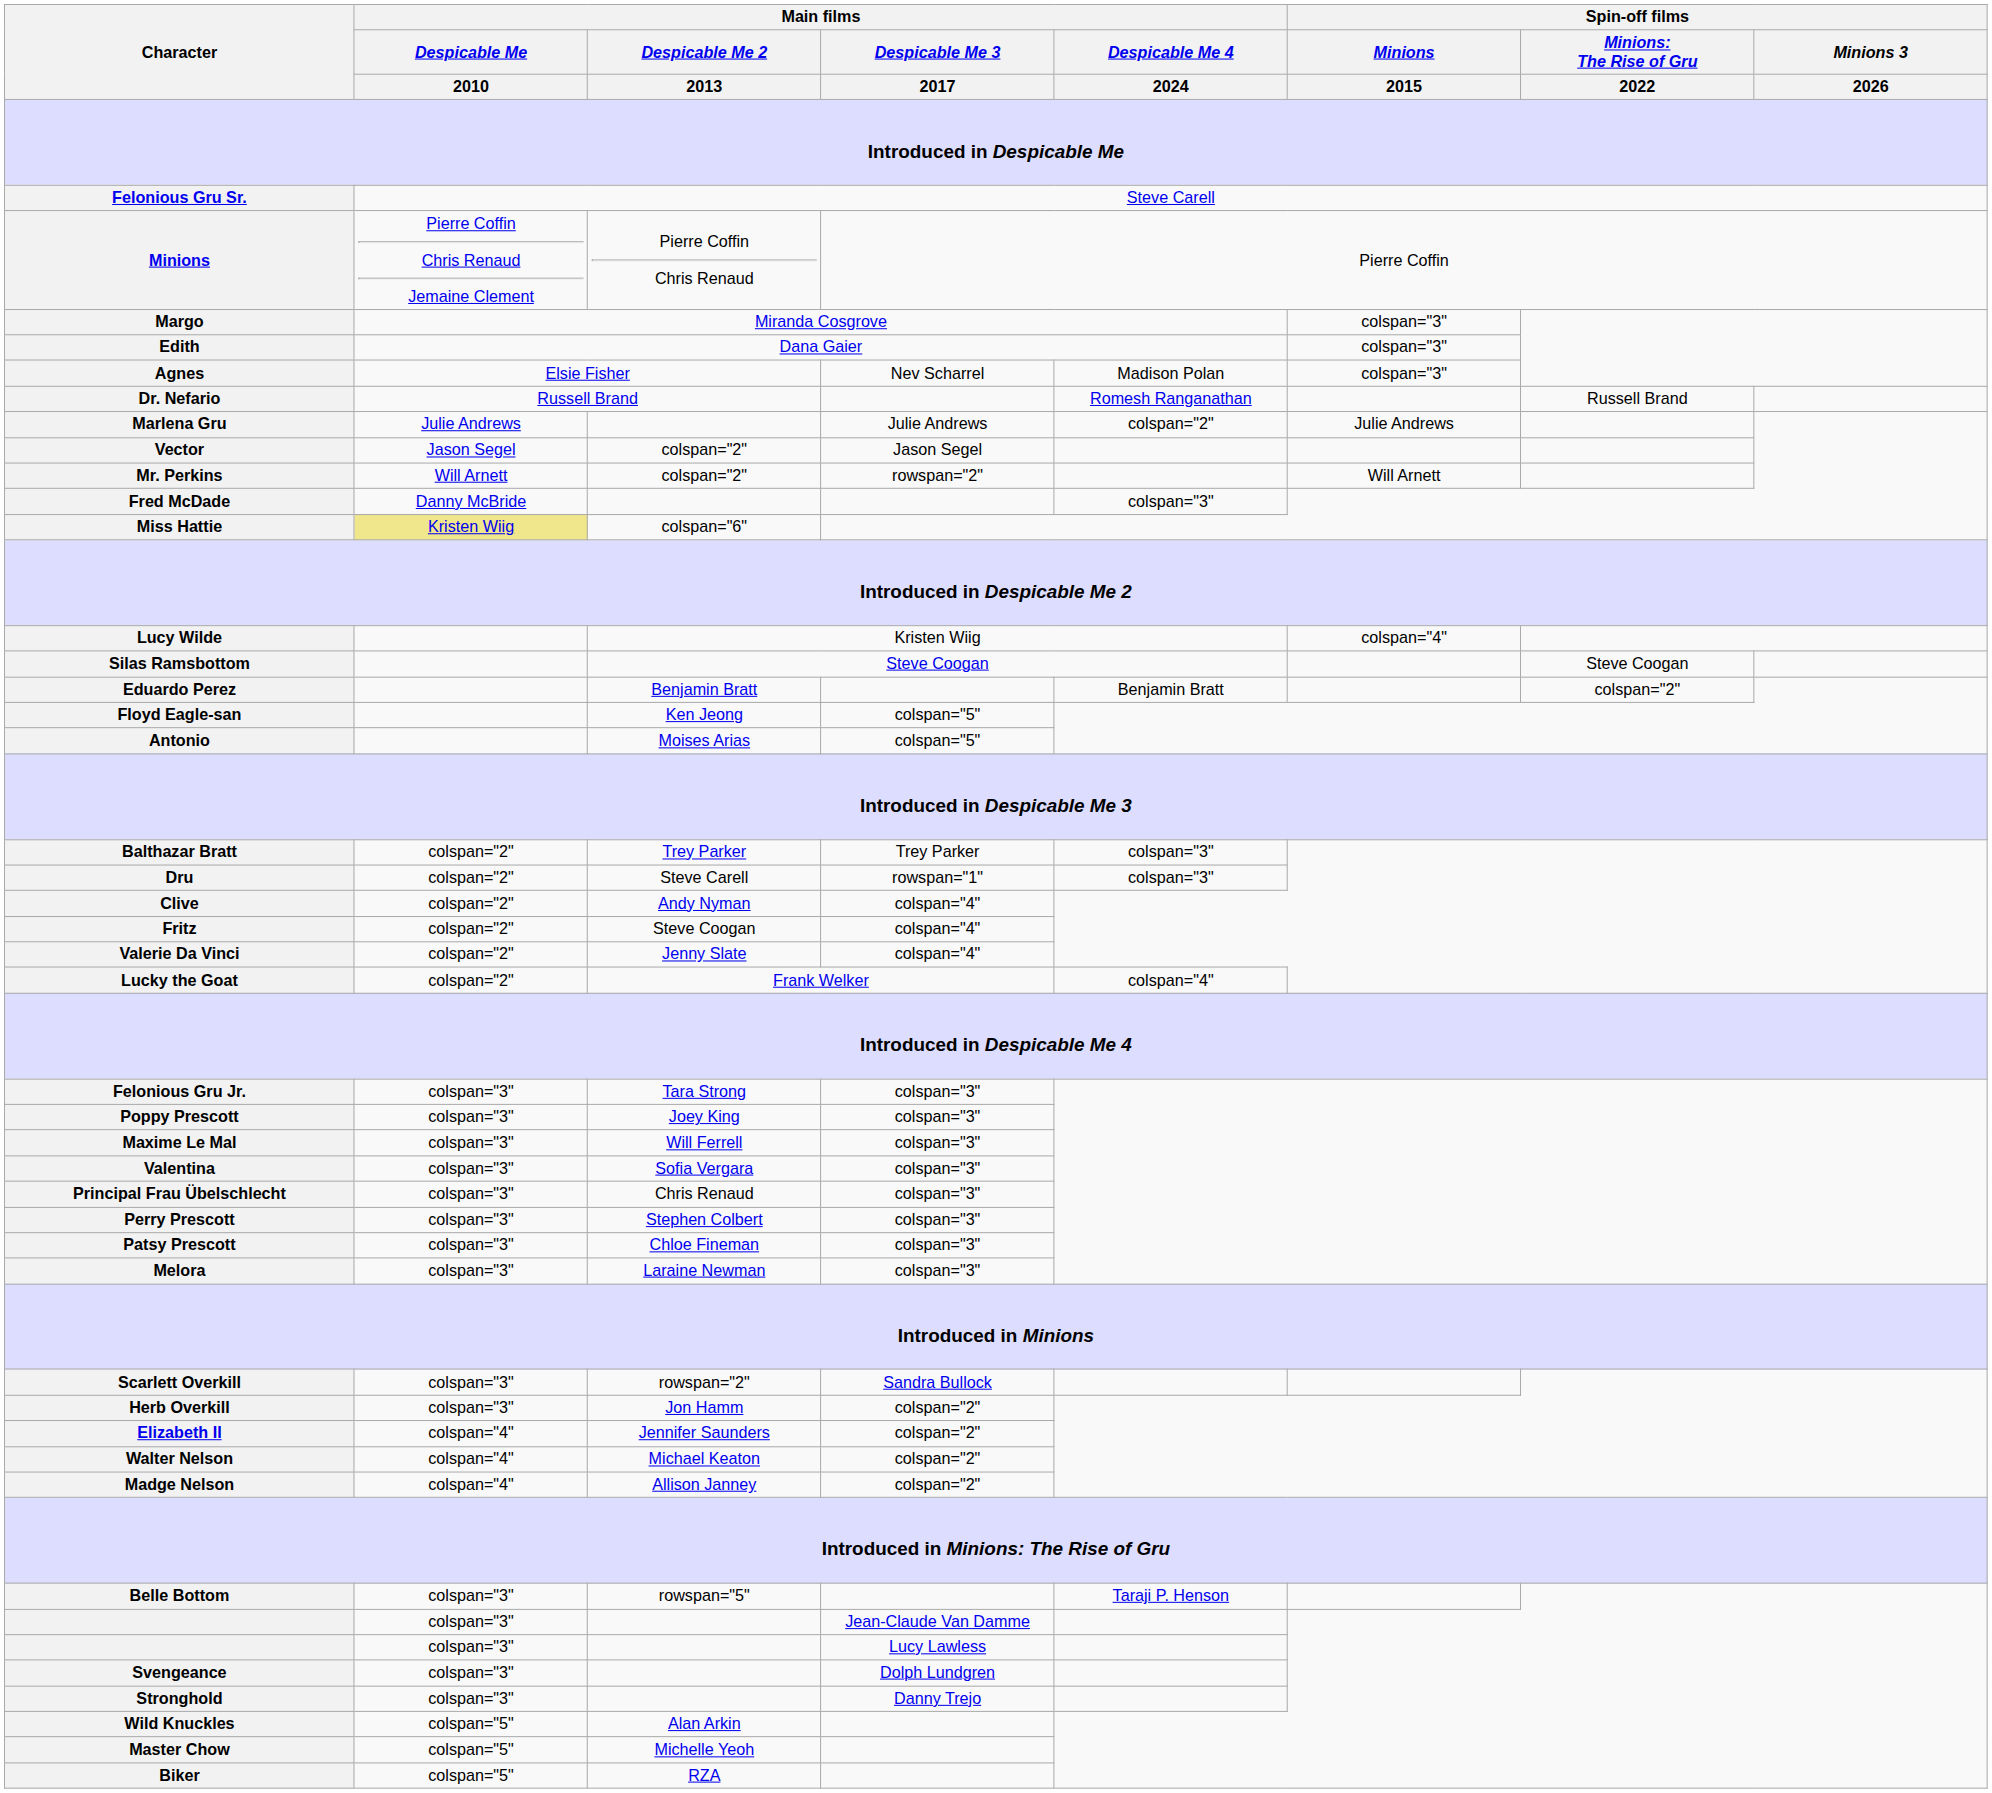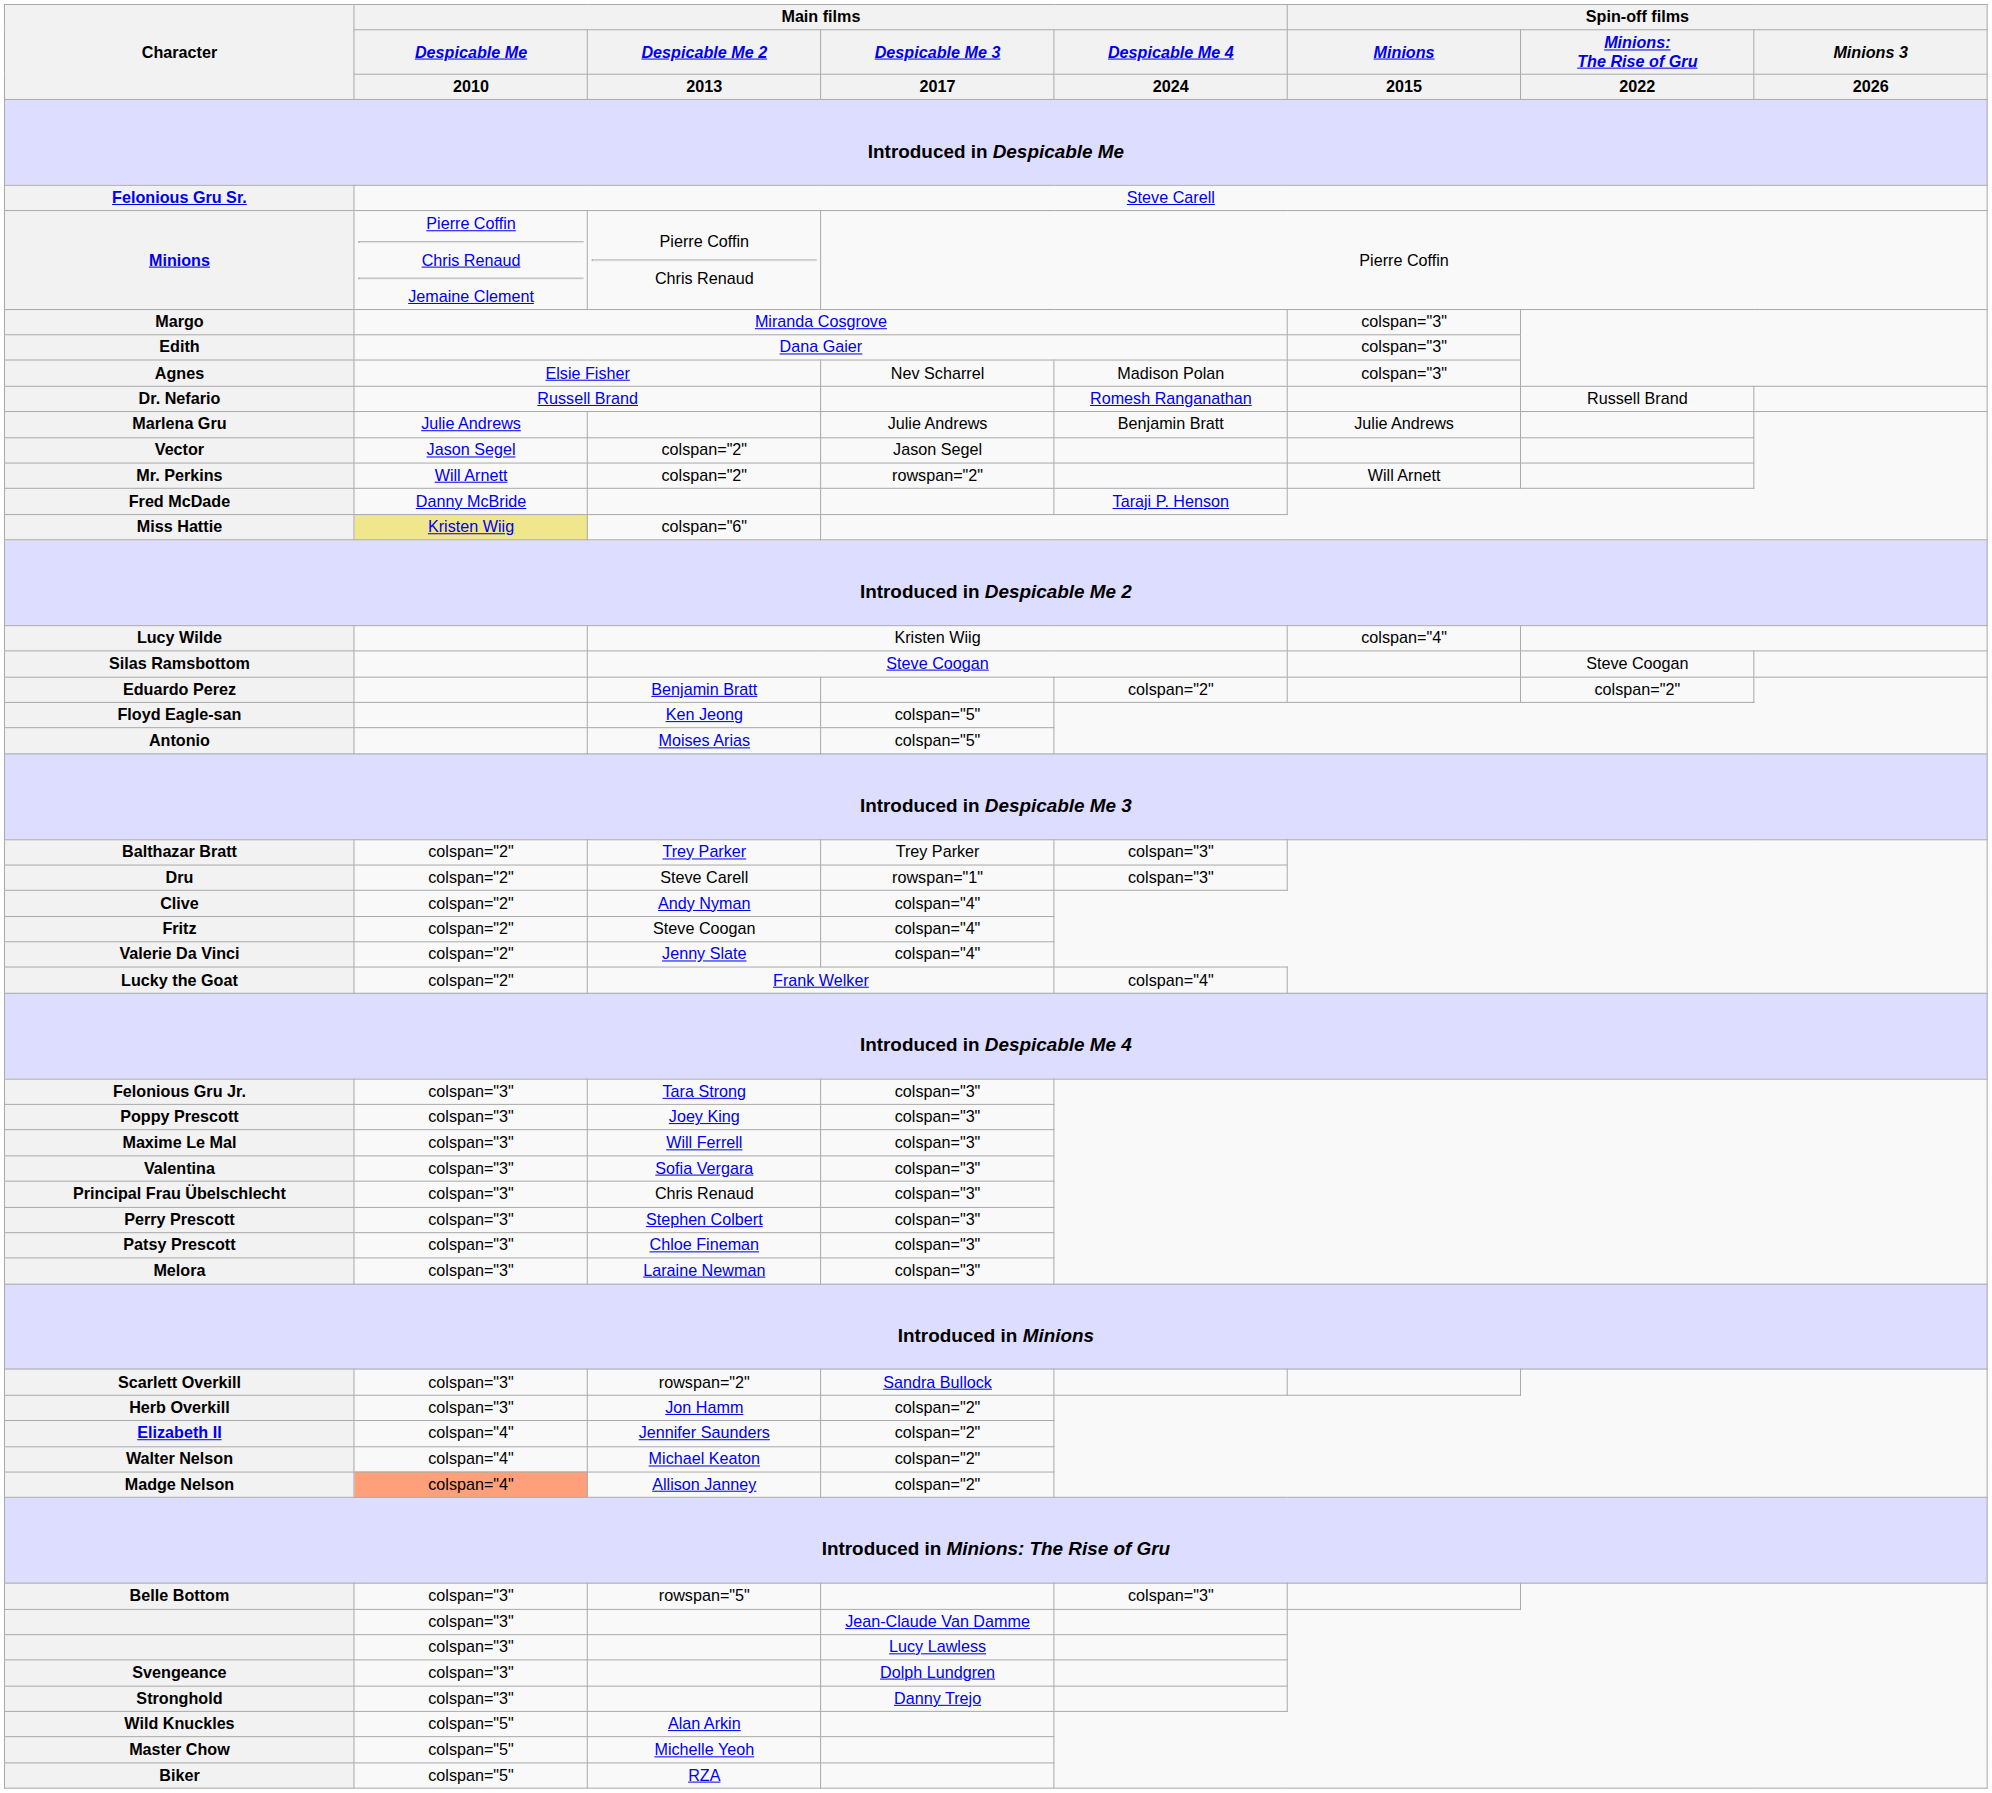 <table class="wikitable" style="text-align:center; width:99%;">
 <tr>
 <th rowspan="3" style="width:12%;">Character</th>
 <th colspan="4">Main films</th>
 <th colspan="3">Spin-off films</th>
 </tr>
 <tr>
 <th style="width:8%;"><em><a href='#'>Despicable Me</a></em></th>
 <th style="width:8%;"><em><a href='#'>Despicable Me 2</a></em></th>
 <th style="width:8%;"><em><a href='#'>Despicable Me 3</a></em></th>
 <th style="width:8%;"><em><a href='#'>Despicable Me 4</a></em></th>
 <th style="width:8%;"><em><a href='#'>Minions</a></em></th>
 <th style="width:8%;"><em><a href='#'>Minions:<br>The Rise of Gru</a></em></th>
 <th style="width:8%;"><em>Minions 3</em></th>
 </tr>
 <tr>
 <th>2010</th>
 <th>2013</th>
 <th>2017</th>
 <th>2024</th>
 <th>2015</th>
 <th>2022</th>
 <th>2026</th>
 </tr>
 <tr>
 <th scope="row" colspan="8" style="background:#ddf;"><br><h3>Introduced in <em>Despicable Me</em></h3></th>
 </tr>
 <tr>
 <th scope="row"><a href='#'>Felonious Gru Sr.</a></th>
 <td colspan="7"><a href='#'>Steve Carell</a></td>
 </tr>
 <tr>
 <th scope="row"><a href='#'>Minions</a></th>
 <td><a href='#'>Pierre Coffin</a><hr><a href='#'>Chris Renaud</a><hr><a href='#'>Jemaine Clement</a></td>
 <td>Pierre Coffin<hr>Chris Renaud</td>
 <td colspan="5">Pierre Coffin</td>
 </tr>
 <tr>
 <th scope="row">Margo</th>
 <td colspan="4"><a href='#'>Miranda Cosgrove</a></td>
 <td>colspan="3" </td>
 </tr>
 <tr>
 <th scope="row">Edith</th>
 <td colspan="4"><a href='#'>Dana Gaier</a></td>
 <td>colspan="3" </td>
 </tr>
 <tr>
 <th scope="row">Agnes</th>
 <td colspan="2"><a href='#'>Elsie Fisher</a></td>
 <td>Nev Scharrel</td>
 <td>Madison Polan</td>
 <td>colspan="3" </td>
 </tr>
 <tr>
 <th scope="row">Dr. Nefario</th>
 <td colspan="2"><a href='#'>Russell Brand</a></td>
 <td></td>
 <td><a href='#'>Romesh Ranganathan</a></td>
 <td></td>
 <td>Russell Brand</td>
 <td></td>
 </tr>
 <tr>
 <th scope="row">Marlena Gru</th>
 <td><a href='#'>Julie Andrews</a></td>
 <td></td>
 <td>Julie Andrews</td>
-<td>colspan="2" </td>
+<td>Benjamin Bratt</td>
 <td>Julie Andrews</td>
 <td></td>
 </tr>
 <tr>
 <th scope="row">Vector</th>
 <td><a href='#'>Jason Segel</a></td>
 <td>colspan="2" </td>
 <td>Jason Segel</td>
 <td></td>
 <td></td>
 <td></td>
 </tr>
 <tr>
 <th scope="row">Mr. Perkins</th>
 <td><a href='#'>Will Arnett</a></td>
 <td>colspan="2" </td>
 <td>rowspan="2" </td>
 <td></td>
 <td>Will Arnett</td>
 <td></td>
 </tr>
 <tr>
 <th scope="row">Fred McDade</th>
 <td><a href='#'>Danny McBride</a></td>
 <td></td>
 <td></td>
-<td>colspan="3" </td>
+<td><a href='#'>Taraji P. Henson</a></td>
 </tr>
 <tr>
 <th scope="row">Miss Hattie</th>
 <td style="background: khaki;"><a href='#'>Kristen Wiig</a></td>
 <td>colspan="6" </td>
 </tr>
 <tr>
 <th scope="row" colspan="8" style="background:#ddf;"><br><h3>Introduced in <em>Despicable Me 2</em></h3></th>
 </tr>
 <tr>
 <th scope="row">Lucy Wilde</th>
 <td></td>
 <td colspan="3">Kristen Wiig</td>
 <td>colspan="4" </td>
 </tr>
 <tr>
 <th scope="row">Silas Ramsbottom</th>
 <td></td>
 <td colspan="3"><a href='#'>Steve Coogan</a></td>
 <td></td>
 <td>Steve Coogan</td>
 <td></td>
 </tr>
 <tr>
 <th scope="row">Eduardo Perez<br></th>
 <td></td>
 <td><a href='#'>Benjamin Bratt</a></td>
 <td></td>
-<td>Benjamin Bratt</td>
+<td>colspan="2" </td>
 <td></td>
 <td>colspan="2" </td>
 </tr>
 <tr>
 <th scope="row">Floyd Eagle-san</th>
 <td></td>
 <td><a href='#'>Ken Jeong</a></td>
 <td>colspan="5" </td>
 </tr>
 <tr>
 <th scope="row">Antonio</th>
 <td></td>
 <td><a href='#'>Moises Arias</a></td>
 <td>colspan="5" </td>
 </tr>
 <tr>
 <th scope="row" colspan="9" style="background:#ddf;"><br><h3>Introduced in <em>Despicable Me 3</em></h3></th>
 </tr>
 <tr>
 <th scope="row">Balthazar Bratt</th>
 <td>colspan="2" </td>
 <td><a href='#'>Trey Parker</a></td>
 <td>Trey Parker</td>
 <td>colspan="3" </td>
 </tr>
 <tr>
 <th scope="row">Dru</th>
 <td>colspan="2" </td>
 <td>Steve Carell</td>
 <td>rowspan="1" </td>
 <td>colspan="3" </td>
 </tr>
 <tr>
 <th scope="row">Clive</th>
 <td>colspan="2" </td>
 <td><a href='#'>Andy Nyman</a></td>
 <td>colspan="4" </td>
 </tr>
 <tr>
 <th scope="row">Fritz</th>
 <td>colspan="2" </td>
 <td>Steve Coogan</td>
 <td>colspan="4" </td>
 </tr>
 <tr>
 <th scope="row">Valerie Da Vinci</th>
 <td>colspan="2" </td>
 <td><a href='#'>Jenny Slate</a></td>
 <td>colspan="4" </td>
 </tr>
 <tr>
 <th scope="row">Lucky the Goat</th>
 <td>colspan="2" </td>
 <td colspan="2"><a href='#'>Frank Welker</a></td>
 <td>colspan="4" </td>
 </tr>
 <tr>
 <th scope="row" colspan="8" style="background:#ddf;"><br><h3>Introduced in <em>Despicable Me 4</em></h3></th>
 </tr>
 <tr>
 <th>Felonious Gru Jr.</th>
 <td>colspan="3" </td>
 <td><a href='#'>Tara Strong</a></td>
 <td>colspan="3" </td>
 </tr>
 <tr>
 <th scope="row">Poppy Prescott</th>
 <td>colspan="3" </td>
 <td><a href='#'>Joey King</a></td>
 <td>colspan="3" </td>
 </tr>
 <tr>
 <th scope="row">Maxime Le Mal</th>
 <td>colspan="3" </td>
 <td><a href='#'>Will Ferrell</a></td>
 <td>colspan="3" </td>
 </tr>
 <tr>
 <th scope="row">Valentina</th>
 <td>colspan="3" </td>
 <td><a href='#'>Sofia Vergara</a></td>
 <td>colspan="3" </td>
 </tr>
 <tr>
 <th>Principal Frau Übelschlecht</th>
 <td>colspan="3" </td>
 <td>Chris Renaud</td>
 <td>colspan="3" </td>
 </tr>
 <tr>
 <th>Perry Prescott</th>
 <td>colspan="3" </td>
 <td><a href='#'>Stephen Colbert</a></td>
 <td>colspan="3" </td>
 </tr>
 <tr>
 <th>Patsy Prescott</th>
 <td>colspan="3" </td>
 <td><a href='#'>Chloe Fineman</a></td>
 <td>colspan="3" </td>
 </tr>
 <tr>
 <th>Melora</th>
 <td>colspan="3" </td>
 <td><a href='#'>Laraine Newman</a></td>
 <td>colspan="3" </td>
 </tr>
 <tr>
 <th scope="row" colspan="8" style="background:#ddf;"><br><h3>Introduced in <em>Minions</em></h3></th>
 </tr>
 <tr>
 <th scope="row">Scarlett Overkill</th>
 <td>colspan="3" </td>
 <td>rowspan="2" </td>
 <td><a href='#'>Sandra Bullock</a></td>
 <td></td>
 <td></td>
 </tr>
 <tr>
 <th scope="row">Herb Overkill</th>
 <td>colspan="3" </td>
 <td><a href='#'>Jon Hamm</a></td>
 <td>colspan="2" </td>
 </tr>
 <tr>
 <th scope="row"><a href='#'>Elizabeth II</a></th>
 <td>colspan="4" </td>
 <td><a href='#'>Jennifer Saunders</a></td>
 <td>colspan="2" </td>
 </tr>
 <tr>
 <th scope="row">Walter Nelson</th>
 <td>colspan="4" </td>
 <td><a href='#'>Michael Keaton</a></td>
 <td>colspan="2" </td>
 </tr>
 <tr>
 <th scope="row">Madge Nelson</th>
-<td>colspan="4" </td>
+<td style="background: lightsalmon;">colspan="4" </td>
 <td><a href='#'>Allison Janney</a></td>
 <td>colspan="2" </td>
 </tr>
 <tr>
 <th scope="row" colspan="8" style="background:#ddf;"><br><h3>Introduced in <em>Minions: The Rise of Gru</em></h3></th>
 </tr>
 <tr>
 <th scope="row">Belle Bottom</th>
 <td>colspan="3" </td>
 <td>rowspan="5" </td>
 <td></td>
-<td><a href='#'>Taraji P. Henson</a></td>
+<td>colspan="3" </td>
 <td></td>
 </tr>
 <tr>
 <th scope="row"></th>
 <td>colspan="3" </td>
 <td></td>
 <td><a href='#'>Jean-Claude Van Damme</a></td>
 <td></td>
 </tr>
 <tr>
 <th scope="row"></th>
 <td>colspan="3" </td>
 <td></td>
 <td><a href='#'>Lucy Lawless</a></td>
 <td></td>
 </tr>
 <tr>
 <th scope="row">Svengeance</th>
 <td>colspan="3" </td>
 <td></td>
 <td><a href='#'>Dolph Lundgren</a></td>
 <td></td>
 </tr>
 <tr>
 <th scope="row">Stronghold</th>
 <td>colspan="3" </td>
 <td></td>
 <td><a href='#'>Danny Trejo</a></td>
 <td></td>
 </tr>
 <tr>
 <th scope="row">Wild Knuckles</th>
 <td>colspan="5" </td>
 <td><a href='#'>Alan Arkin</a></td>
 <td></td>
 </tr>
 <tr>
 <th scope="row">Master Chow</th>
 <td>colspan="5" </td>
 <td><a href='#'>Michelle Yeoh</a></td>
 <td></td>
 </tr>
 <tr>
 <th scope="row">Biker</th>
 <td>colspan="5" </td>
 <td><a href='#'>RZA</a></td>
 <td></td>
 </tr>
 </table>
